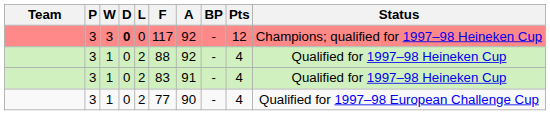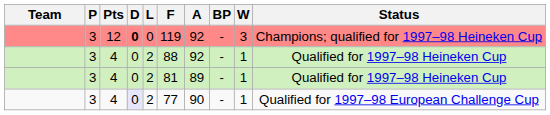 <table class="wikitable" style="text-align:center">
 <tr>
 <th width="90px">Team</th>
 <th>P</th>
-<th>W</th>
+<th width="23px">Pts</th>
 <th>D</th>
 <th>L</th>
 <th width="23px">F</th>
 <th width="23px">A</th>
 <th>BP</th>
-<th width="23px">Pts</th>
+<th>W</th>
 <th>Status</th>
 </tr>
 <tr bgcolor="#FF8888">
 <td></td>
 <td>3</td>
-<td>3</td>
+<td>12</td>
 <td><strong>0</strong></td>
 <td>0</td>
-<td>117</td>
+<td>119</td>
 <td>92</td>
 <td>-</td>
-<td>12</td>
+<td>3</td>
 <td>Champions; qualified for <a href='#'>1997–98 Heineken Cup</a></td>
 </tr>
 <tr bgcolor="#D0F0C0">
 <td></td>
 <td>3</td>
-<td>1</td>
+<td>4</td>
 <td>0</td>
 <td>2</td>
 <td>88</td>
 <td>92</td>
 <td>-</td>
-<td>4</td>
+<td>1</td>
 <td>Qualified for <a href='#'>1997–98 Heineken Cup</a></td>
 </tr>
 <tr bgcolor="#D0F0C0">
 <td></td>
 <td>3</td>
-<td>1</td>
+<td>4</td>
 <td>0</td>
 <td>2</td>
-<td>83</td>
-<td>91</td>
+<td>81</td>
+<td>89</td>
 <td>-</td>
-<td>4</td>
+<td>1</td>
 <td>Qualified for <a href='#'>1997–98 Heineken Cup</a></td>
 </tr>
 <tr>
 <td></td>
 <td>3</td>
-<td>1</td>
-<td>0</td>
+<td>4</td>
+<td style="background: lavender;">0</td>
 <td>2</td>
 <td>77</td>
 <td>90</td>
 <td>-</td>
-<td>4</td>
+<td>1</td>
 <td>Qualified for <a href='#'>1997–98 European Challenge Cup</a></td>
 </tr>
 </table>
